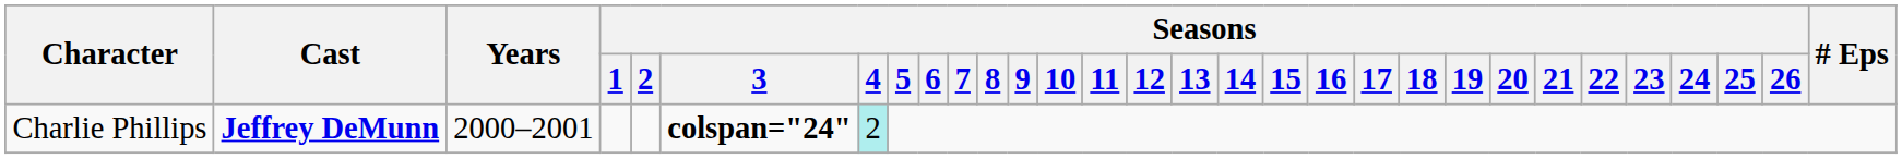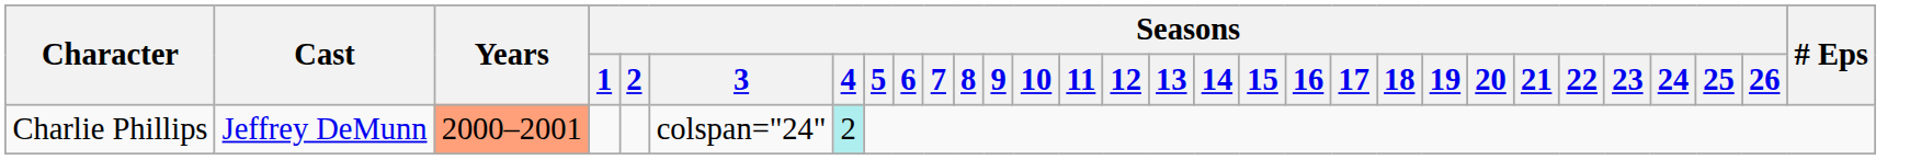 <table class="wikitable" style="text-align:center;">
 <tr>
 <th rowspan="2">Character</th>
 <th rowspan="2">Cast</th>
 <th rowspan="2">Years</th>
 <th colspan="26">Seasons</th>
 <th rowspan="2"># Eps</th>
 </tr>
 <tr>
 <th><a href='#'>1</a></th>
 <th><a href='#'>2</a></th>
 <th><a href='#'>3</a></th>
 <th><a href='#'>4</a></th>
 <th><a href='#'>5</a></th>
 <th><a href='#'>6</a></th>
 <th><a href='#'>7</a></th>
 <th><a href='#'>8</a></th>
 <th><a href='#'>9</a></th>
 <th><a href='#'>10</a></th>
 <th><a href='#'>11</a></th>
 <th><a href='#'>12</a></th>
 <th><a href='#'>13</a></th>
 <th><a href='#'>14</a></th>
 <th><a href='#'>15</a></th>
 <th><a href='#'>16</a></th>
 <th><a href='#'>17</a></th>
 <th><a href='#'>18</a></th>
 <th><a href='#'>19</a></th>
 <th><a href='#'>20</a></th>
 <th><a href='#'>21</a></th>
 <th><a href='#'>22</a></th>
 <th><a href='#'>23</a></th>
 <th><a href='#'>24</a></th>
 <th><a href='#'>25</a></th>
 <th><a href='#'>26</a></th>
 </tr>
 <tr>
 <td>Charlie Phillips</td>
-<td><strong><a href='#'>Jeffrey DeMunn</a></strong></td>
-<td>2000–2001</td>
+<td><a href='#'>Jeffrey DeMunn</a></td>
+<td style="background: lightsalmon;">2000–2001</td>
 <td></td>
 <td></td>
-<td><strong>colspan="24" </strong></td>
+<td>colspan="24" </td>
 <td style="background: paleturquoise;">2</td>
 </tr>
 </table>
